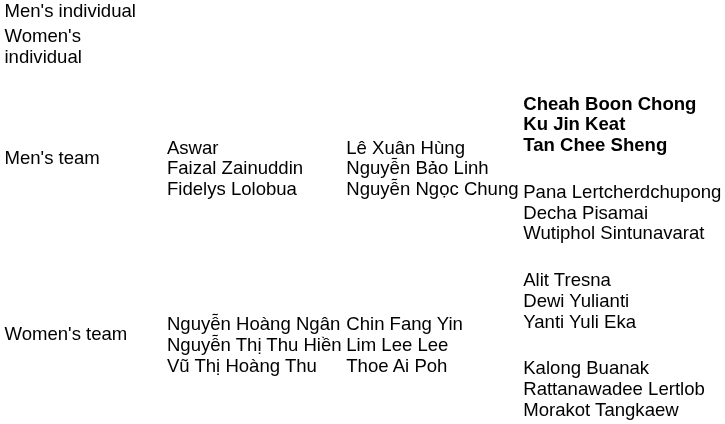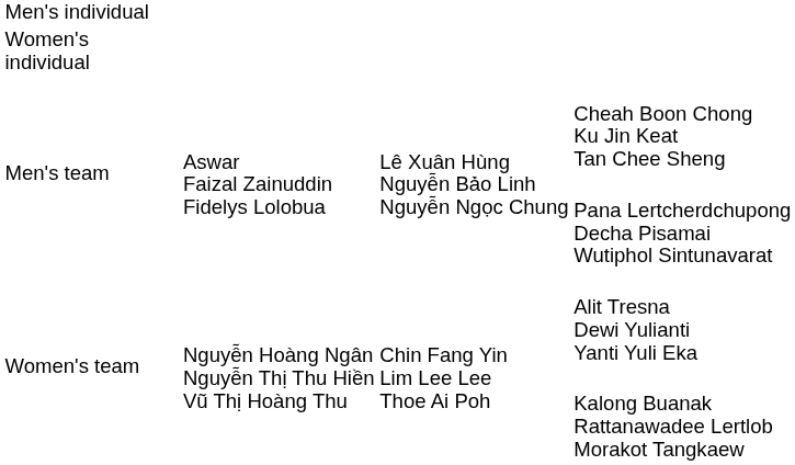 <table>
 <tr>
 <td rowspan=2>Men's individual</td>
 <td rowspan=2></td>
 <td rowspan=2></td>
 <td></td>
 </tr>
 <tr>
 <td></td>
 </tr>
 <tr>
 <td rowspan=2>Women's individual</td>
 <td rowspan=2></td>
 <td rowspan=2></td>
 <td></td>
 </tr>
 <tr>
 <td></td>
 </tr>
 <tr>
 <td rowspan=2>Men's team</td>
 <td rowspan=2><br>Aswar<br>Faizal Zainuddin<br>Fidelys Lolobua</td>
 <td rowspan=2 nowrap=true><br>Lê Xuân Hùng<br>Nguyễn Bảo Linh<br>Nguyễn Ngọc Chung</td>
-<td><strong><br>Cheah Boon Chong<br>Ku Jin Keat<br>Tan Chee Sheng</strong></td>
+<td><br>Cheah Boon Chong<br>Ku Jin Keat<br>Tan Chee Sheng</td>
 </tr>
 <tr>
 <td nowrap=true><br>Pana Lertcherdchupong<br>Decha Pisamai<br>Wutiphol Sintunavarat</td>
 </tr>
 <tr>
 <td rowspan=2>Women's team</td>
 <td rowspan=2 nowrap=true><br>Nguyễn Hoàng Ngân<br>Nguyễn Thị Thu Hiền<br>Vũ Thị Hoàng Thu</td>
 <td rowspan=2><br>Chin Fang Yin<br>Lim Lee Lee<br>Thoe Ai Poh</td>
 <td><br>Alit Tresna<br>Dewi Yulianti<br>Yanti Yuli Eka</td>
 </tr>
 <tr>
 <td><br>Kalong Buanak<br>Rattanawadee Lertlob<br>Morakot Tangkaew</td>
 </tr>
 </table>
